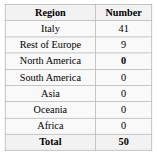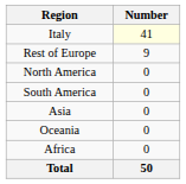 <table class="wikitable sortable" style="width:230px; float:center; margin:auto;">
 <tr>
 <th scope="col">Region</th>
 <th scope="col">Number</th>
 </tr>
 <tr>
 <td style="text-align:center" scope="row">Italy</td>
-<td style="text-align:center">41</td>
+<td style="background: lightyellow; text-align:center">41</td>
 </tr>
 <tr>
 <td style="text-align:center" scope="row" data-sort-value="Europe, Rest of">Rest of Europe</td>
 <td style="text-align:center">9</td>
 </tr>
 <tr>
 <td style="text-align:center" scope="row" data-sort-value="America, North">North America</td>
-<td style="text-align:center"><strong>0</strong></td>
+<td style="text-align:center">0</td>
 </tr>
 <tr>
 <td style="text-align:center" scope="row" data-sort-value="America, South">South America</td>
 <td style="text-align:center">0</td>
 </tr>
 <tr>
 <td style="text-align:center" scope="row">Asia</td>
 <td style="text-align:center">0</td>
 </tr>
 <tr>
 <td style="text-align:center" scope="row">Oceania</td>
 <td style="text-align:center">0</td>
 </tr>
 <tr>
 <td style="text-align:center" scope="row">Africa</td>
 <td style="text-align:center">0</td>
 </tr>
 <tr>
 <th scope="row">Total</th>
 <th>50</th>
 </tr>
 </table>
